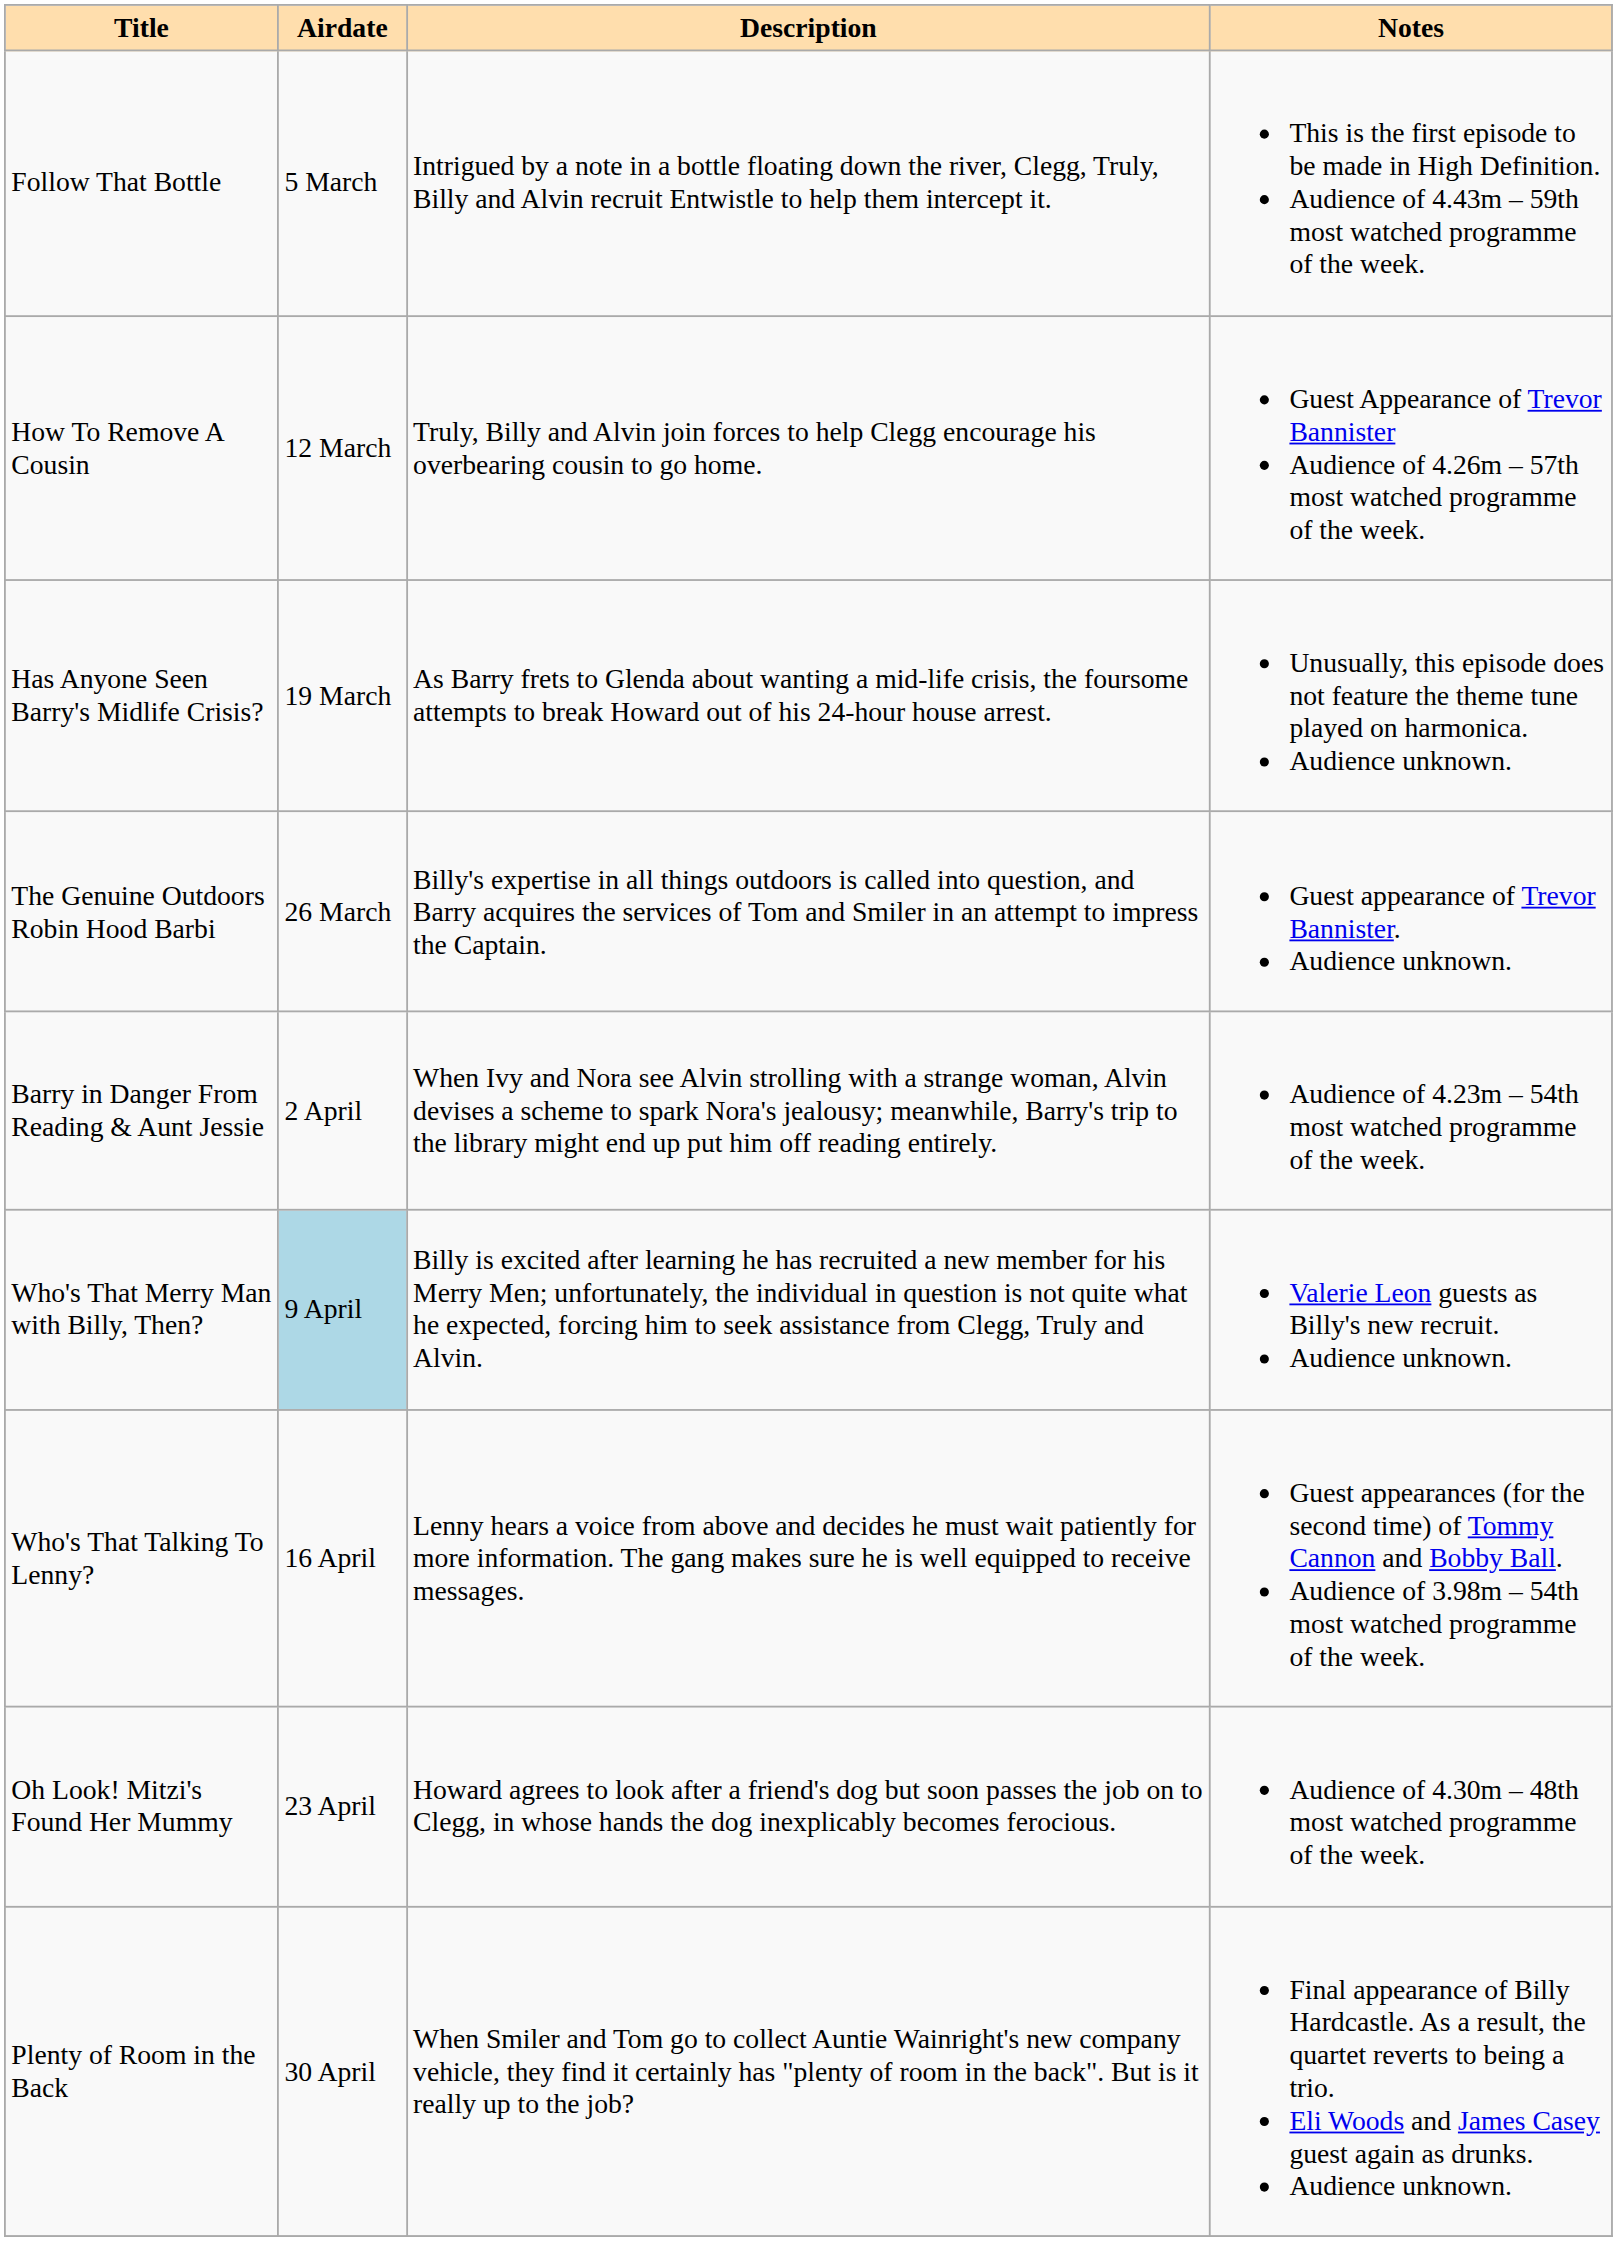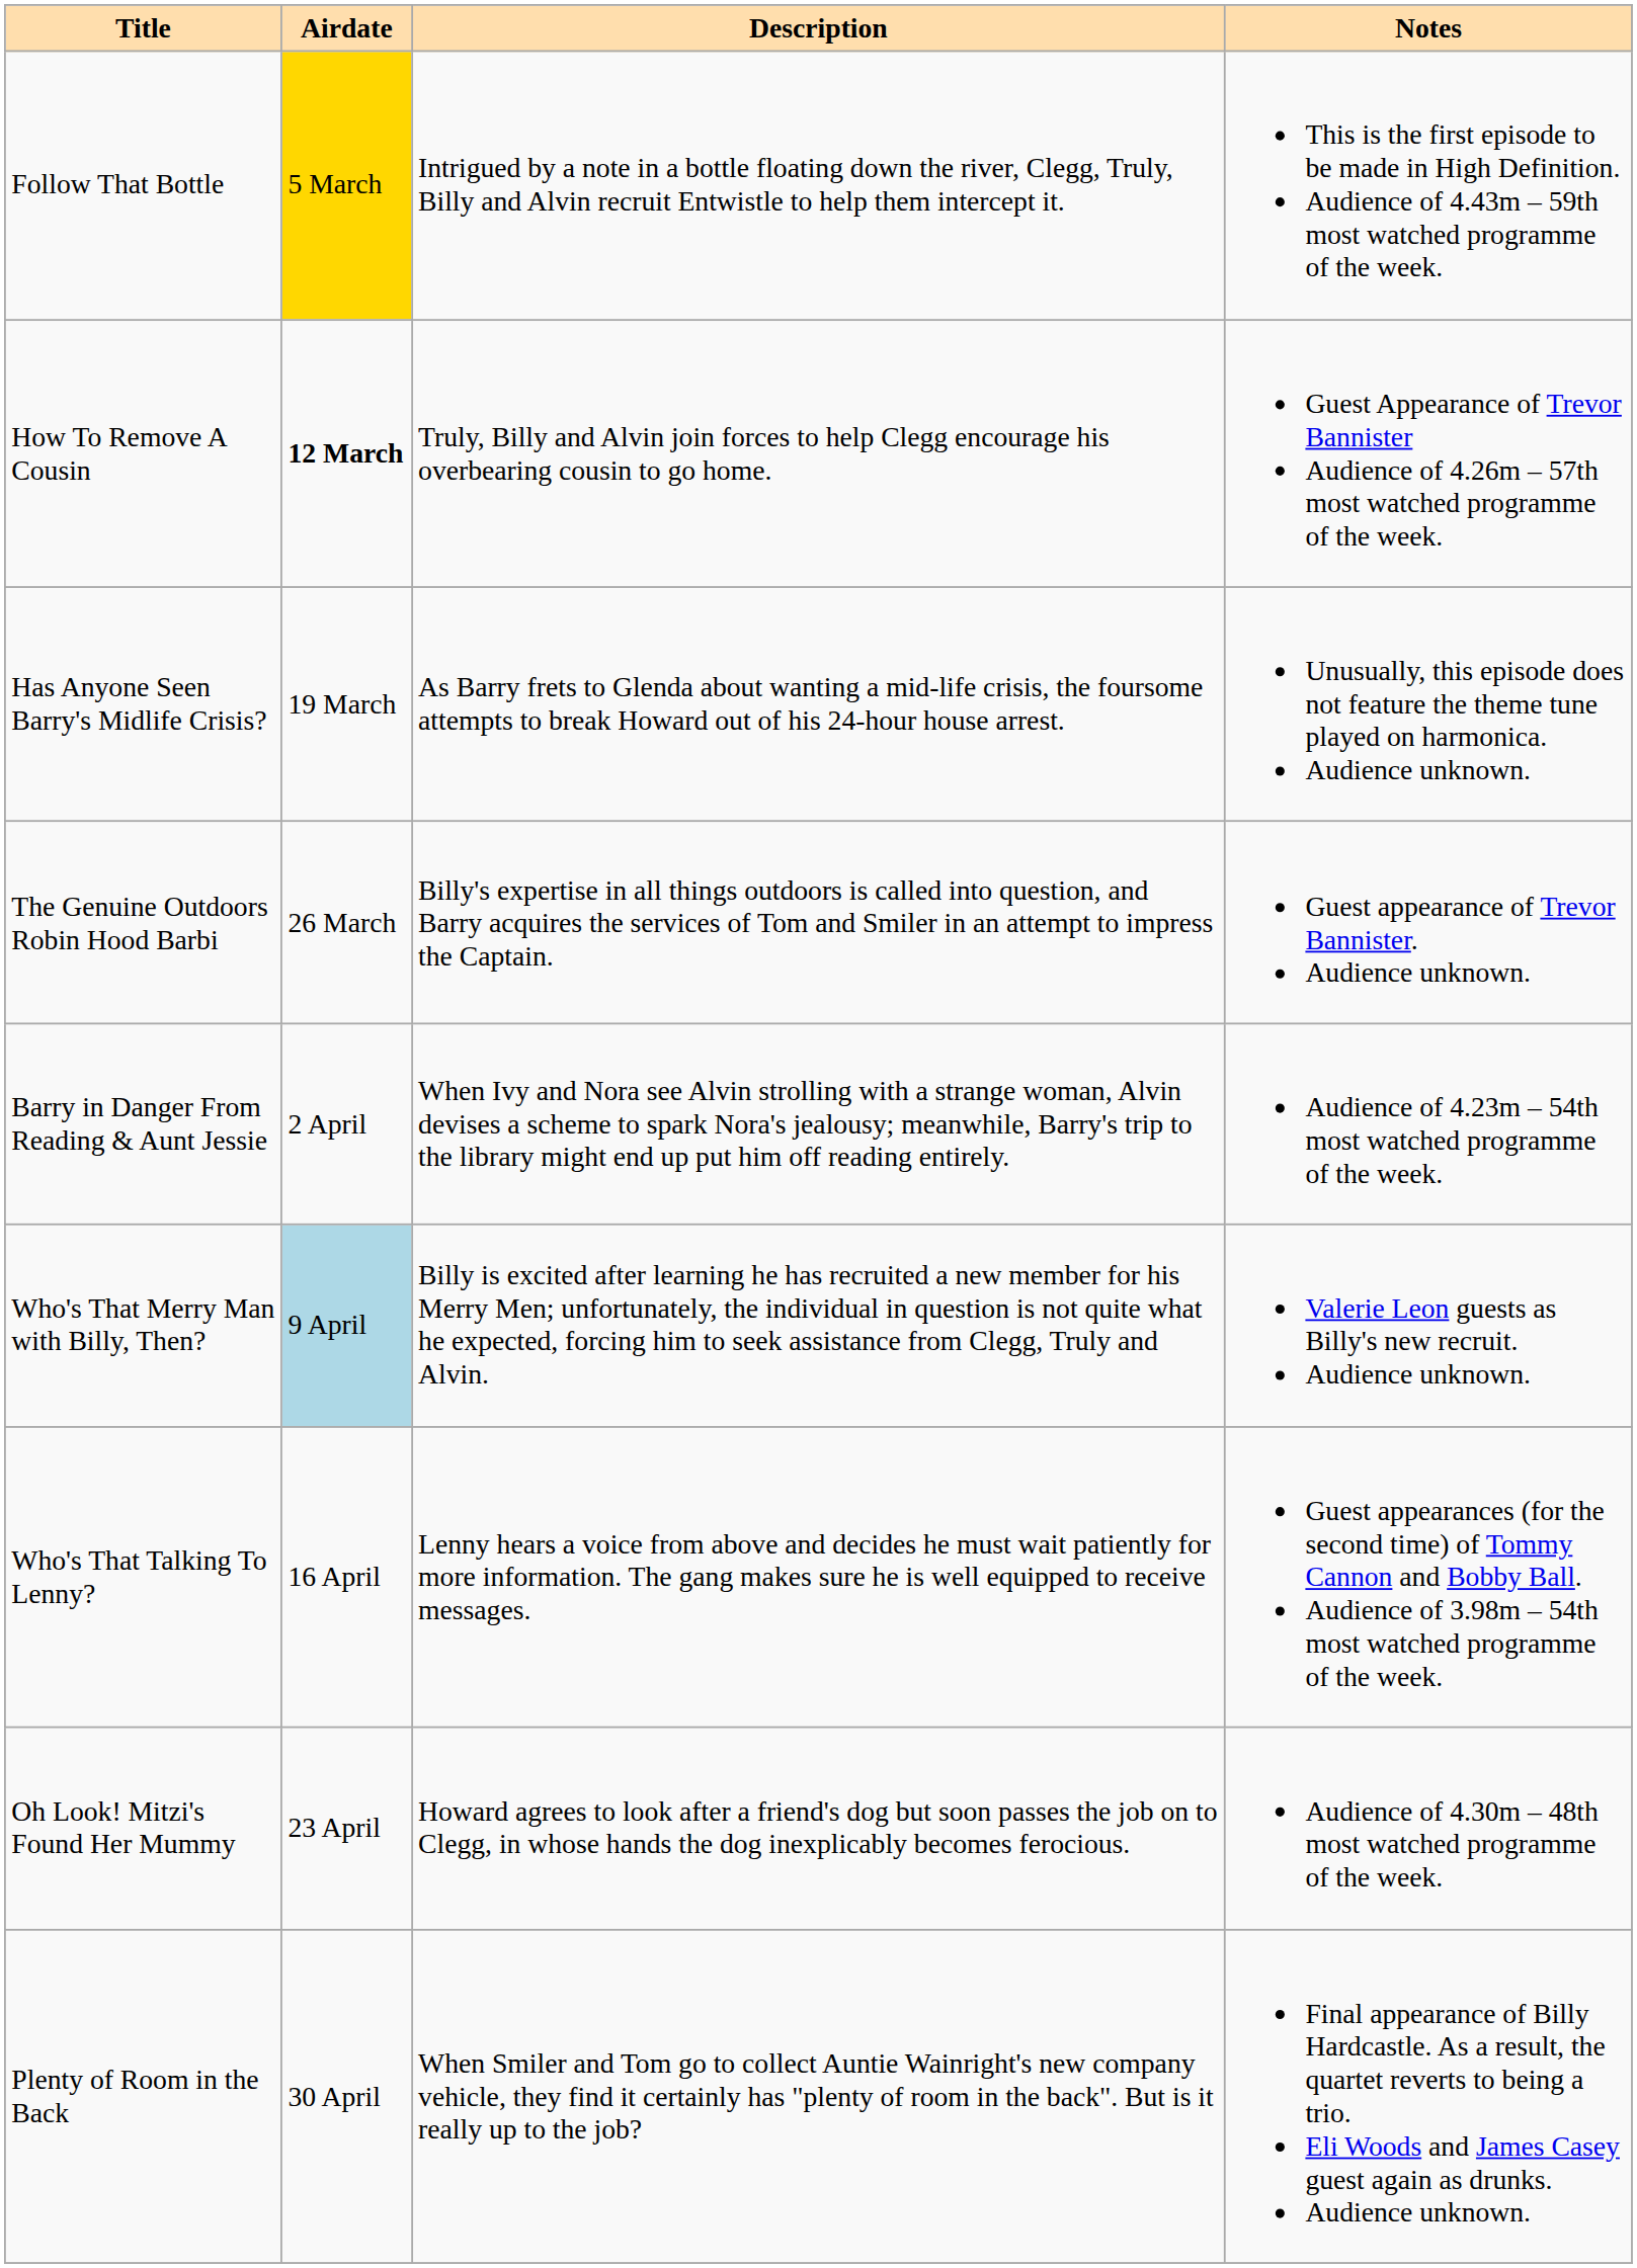 <table class="wikitable" width=100% border=1 style="font-size: 95%">
 <tr>
 <th style="background:#ffdead" width=17%>Title</th>
 <th style="background:#ffdead" width=8%>Airdate</th>
 <th style="background:#ffdead" width=50%>Description</th>
 <th style="background:#ffdead" width=25%>Notes</th>
 </tr>
 <tr>
 <td>Follow That Bottle</td>
-<td>5 March</td>
+<td style="background: gold;">5 March</td>
 <td>Intrigued by a note in a bottle floating down the river, Clegg, Truly, Billy and Alvin recruit Entwistle to help them intercept it.</td>
 <td><br><ul><li>This is the first episode to be made in High Definition.</li><li>Audience of 4.43m – 59th most watched programme of the week.</li></ul></td>
 </tr>
 <tr>
 <td>How To Remove A Cousin</td>
-<td>12 March</td>
+<td><strong>12 March</strong></td>
 <td>Truly, Billy and Alvin join forces to help Clegg encourage his overbearing cousin to go home.</td>
 <td><br><ul><li>Guest Appearance of <a href='#'>Trevor Bannister</a></li><li>Audience of 4.26m – 57th most watched programme of the week.</li></ul></td>
 </tr>
 <tr>
 <td>Has Anyone Seen Barry's Midlife Crisis?</td>
 <td>19 March</td>
 <td>As Barry frets to Glenda about wanting a mid-life crisis, the foursome attempts to break Howard out of his 24-hour house arrest.</td>
 <td><br><ul><li>Unusually, this episode does not feature the theme tune played on harmonica.</li><li>Audience unknown.</li></ul></td>
 </tr>
 <tr>
 <td>The Genuine Outdoors Robin Hood Barbi</td>
 <td>26 March</td>
 <td>Billy's expertise in all things outdoors is called into question, and Barry acquires the services of Tom and Smiler in an attempt to impress the Captain.</td>
 <td><br><ul><li>Guest appearance of <a href='#'>Trevor Bannister</a>.</li><li>Audience unknown.</li></ul></td>
 </tr>
 <tr>
 <td>Barry in Danger From Reading & Aunt Jessie</td>
 <td>2 April</td>
 <td>When Ivy and Nora see Alvin strolling with a strange woman, Alvin devises a scheme to spark Nora's jealousy; meanwhile, Barry's trip to the library might end up put him off reading entirely.</td>
 <td><br><ul><li>Audience of 4.23m – 54th most watched programme of the week.</li></ul></td>
 </tr>
 <tr>
 <td>Who's That Merry Man with Billy, Then?</td>
 <td style="background: lightblue;">9 April</td>
 <td>Billy is excited after learning he has recruited a new member for his Merry Men; unfortunately, the individual in question is not quite what he expected, forcing him to seek assistance from Clegg, Truly and Alvin.</td>
 <td><br><ul><li><a href='#'>Valerie Leon</a> guests as Billy's new recruit.</li><li>Audience unknown.</li></ul></td>
 </tr>
 <tr>
 <td>Who's That Talking To Lenny?</td>
 <td>16 April</td>
 <td>Lenny hears a voice from above and decides he must wait patiently for more information.  The gang makes sure he is well equipped to receive messages.</td>
 <td><br><ul><li>Guest appearances (for the second time) of <a href='#'>Tommy Cannon</a> and <a href='#'>Bobby Ball</a>.</li><li>Audience of 3.98m – 54th most watched programme of the week.</li></ul></td>
 </tr>
 <tr>
 <td>Oh Look!  Mitzi's Found Her Mummy</td>
 <td>23 April</td>
 <td>Howard agrees to look after a friend's dog but soon passes the job on to Clegg, in whose hands the dog inexplicably becomes ferocious.</td>
 <td><br><ul><li>Audience of 4.30m – 48th most watched programme of the week.</li></ul></td>
 </tr>
 <tr>
 <td>Plenty of Room in the Back</td>
 <td>30 April</td>
 <td>When Smiler and Tom go to collect Auntie Wainright's new company vehicle, they find it certainly has "plenty of room in the back". But is it really up to the job?</td>
 <td><br><ul><li>Final appearance of Billy Hardcastle. As a result, the quartet reverts to being a trio.</li><li><a href='#'>Eli Woods</a> and <a href='#'>James Casey</a> guest again as drunks.</li><li>Audience unknown.</li></ul></td>
 </tr>
 <tr>
 </tr>
 </table>
